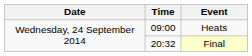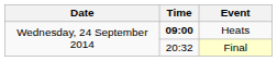 <table class = "wikitable" style="text-align:center;">
 <tr>
 <th width=220>Date</th>
 <th width=50>Time</th>
 <th width=100>Event</th>
 </tr>
 <tr>
 <td rowspan=2>Wednesday, 24 September 2014</td>
-<td>09:00</td>
+<td><strong>09:00</strong></td>
 <td>Heats</td>
 </tr>
 <tr>
 <td>20:32</td>
 <td bgcolor=ffffcc>Final</td>
 </tr>
 </table>
